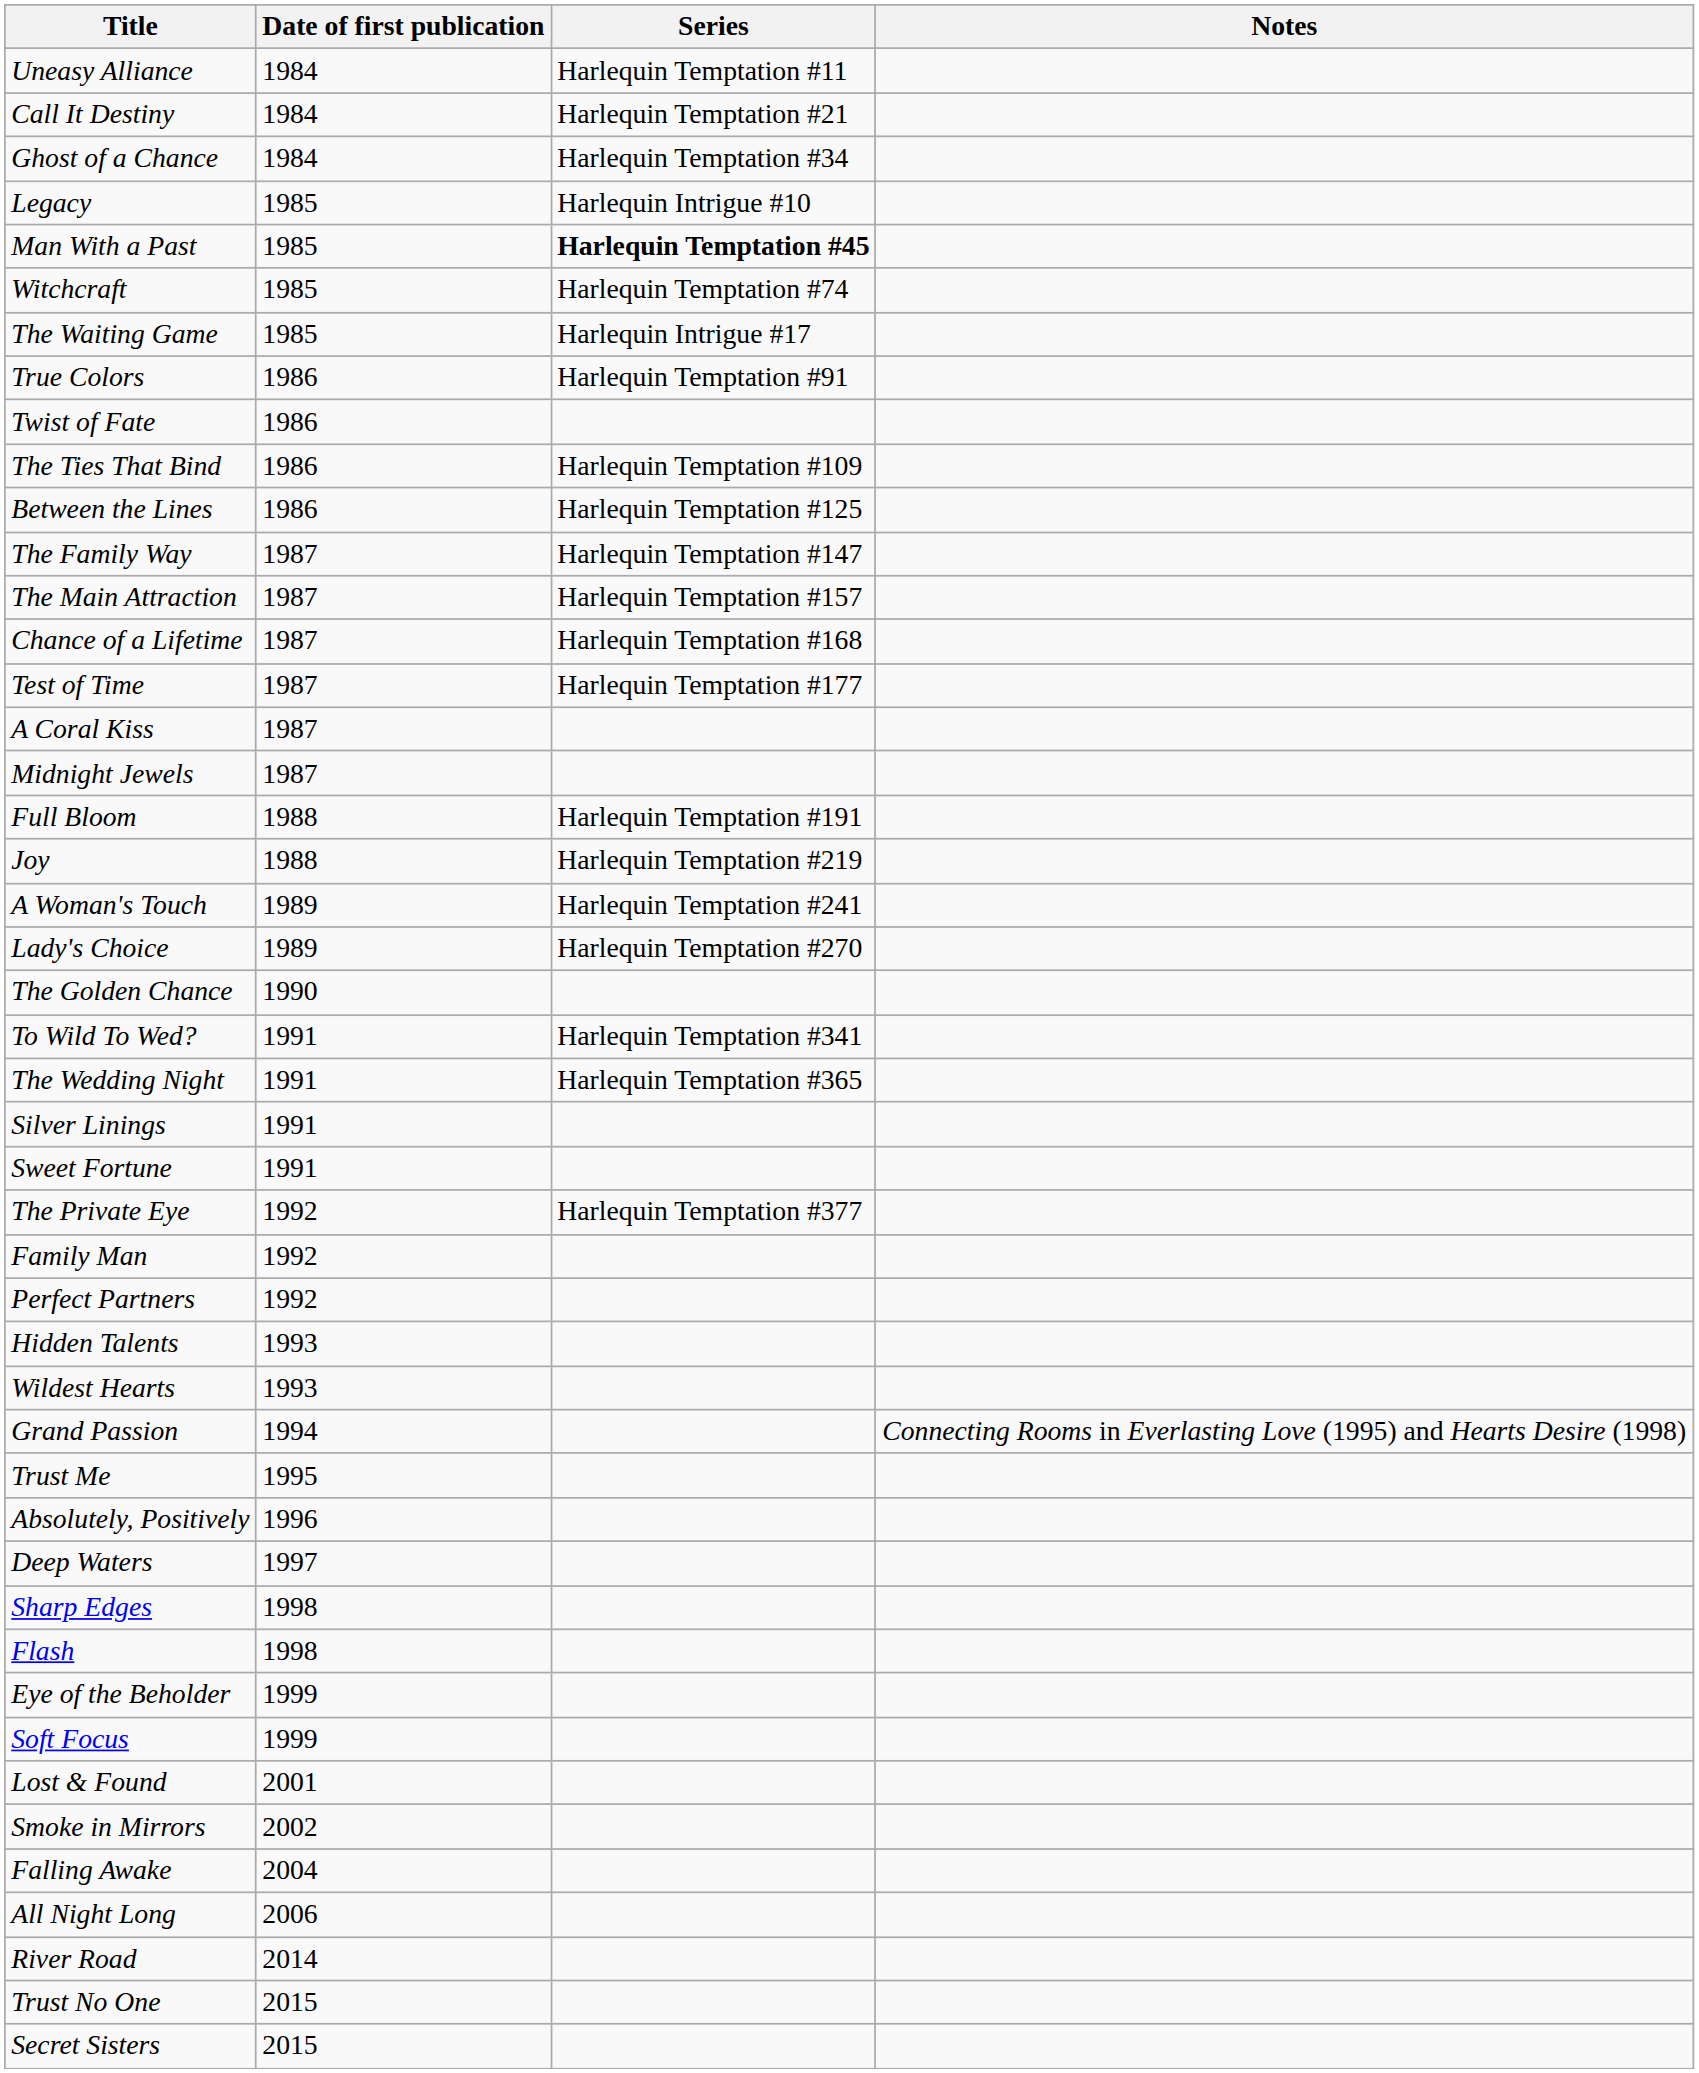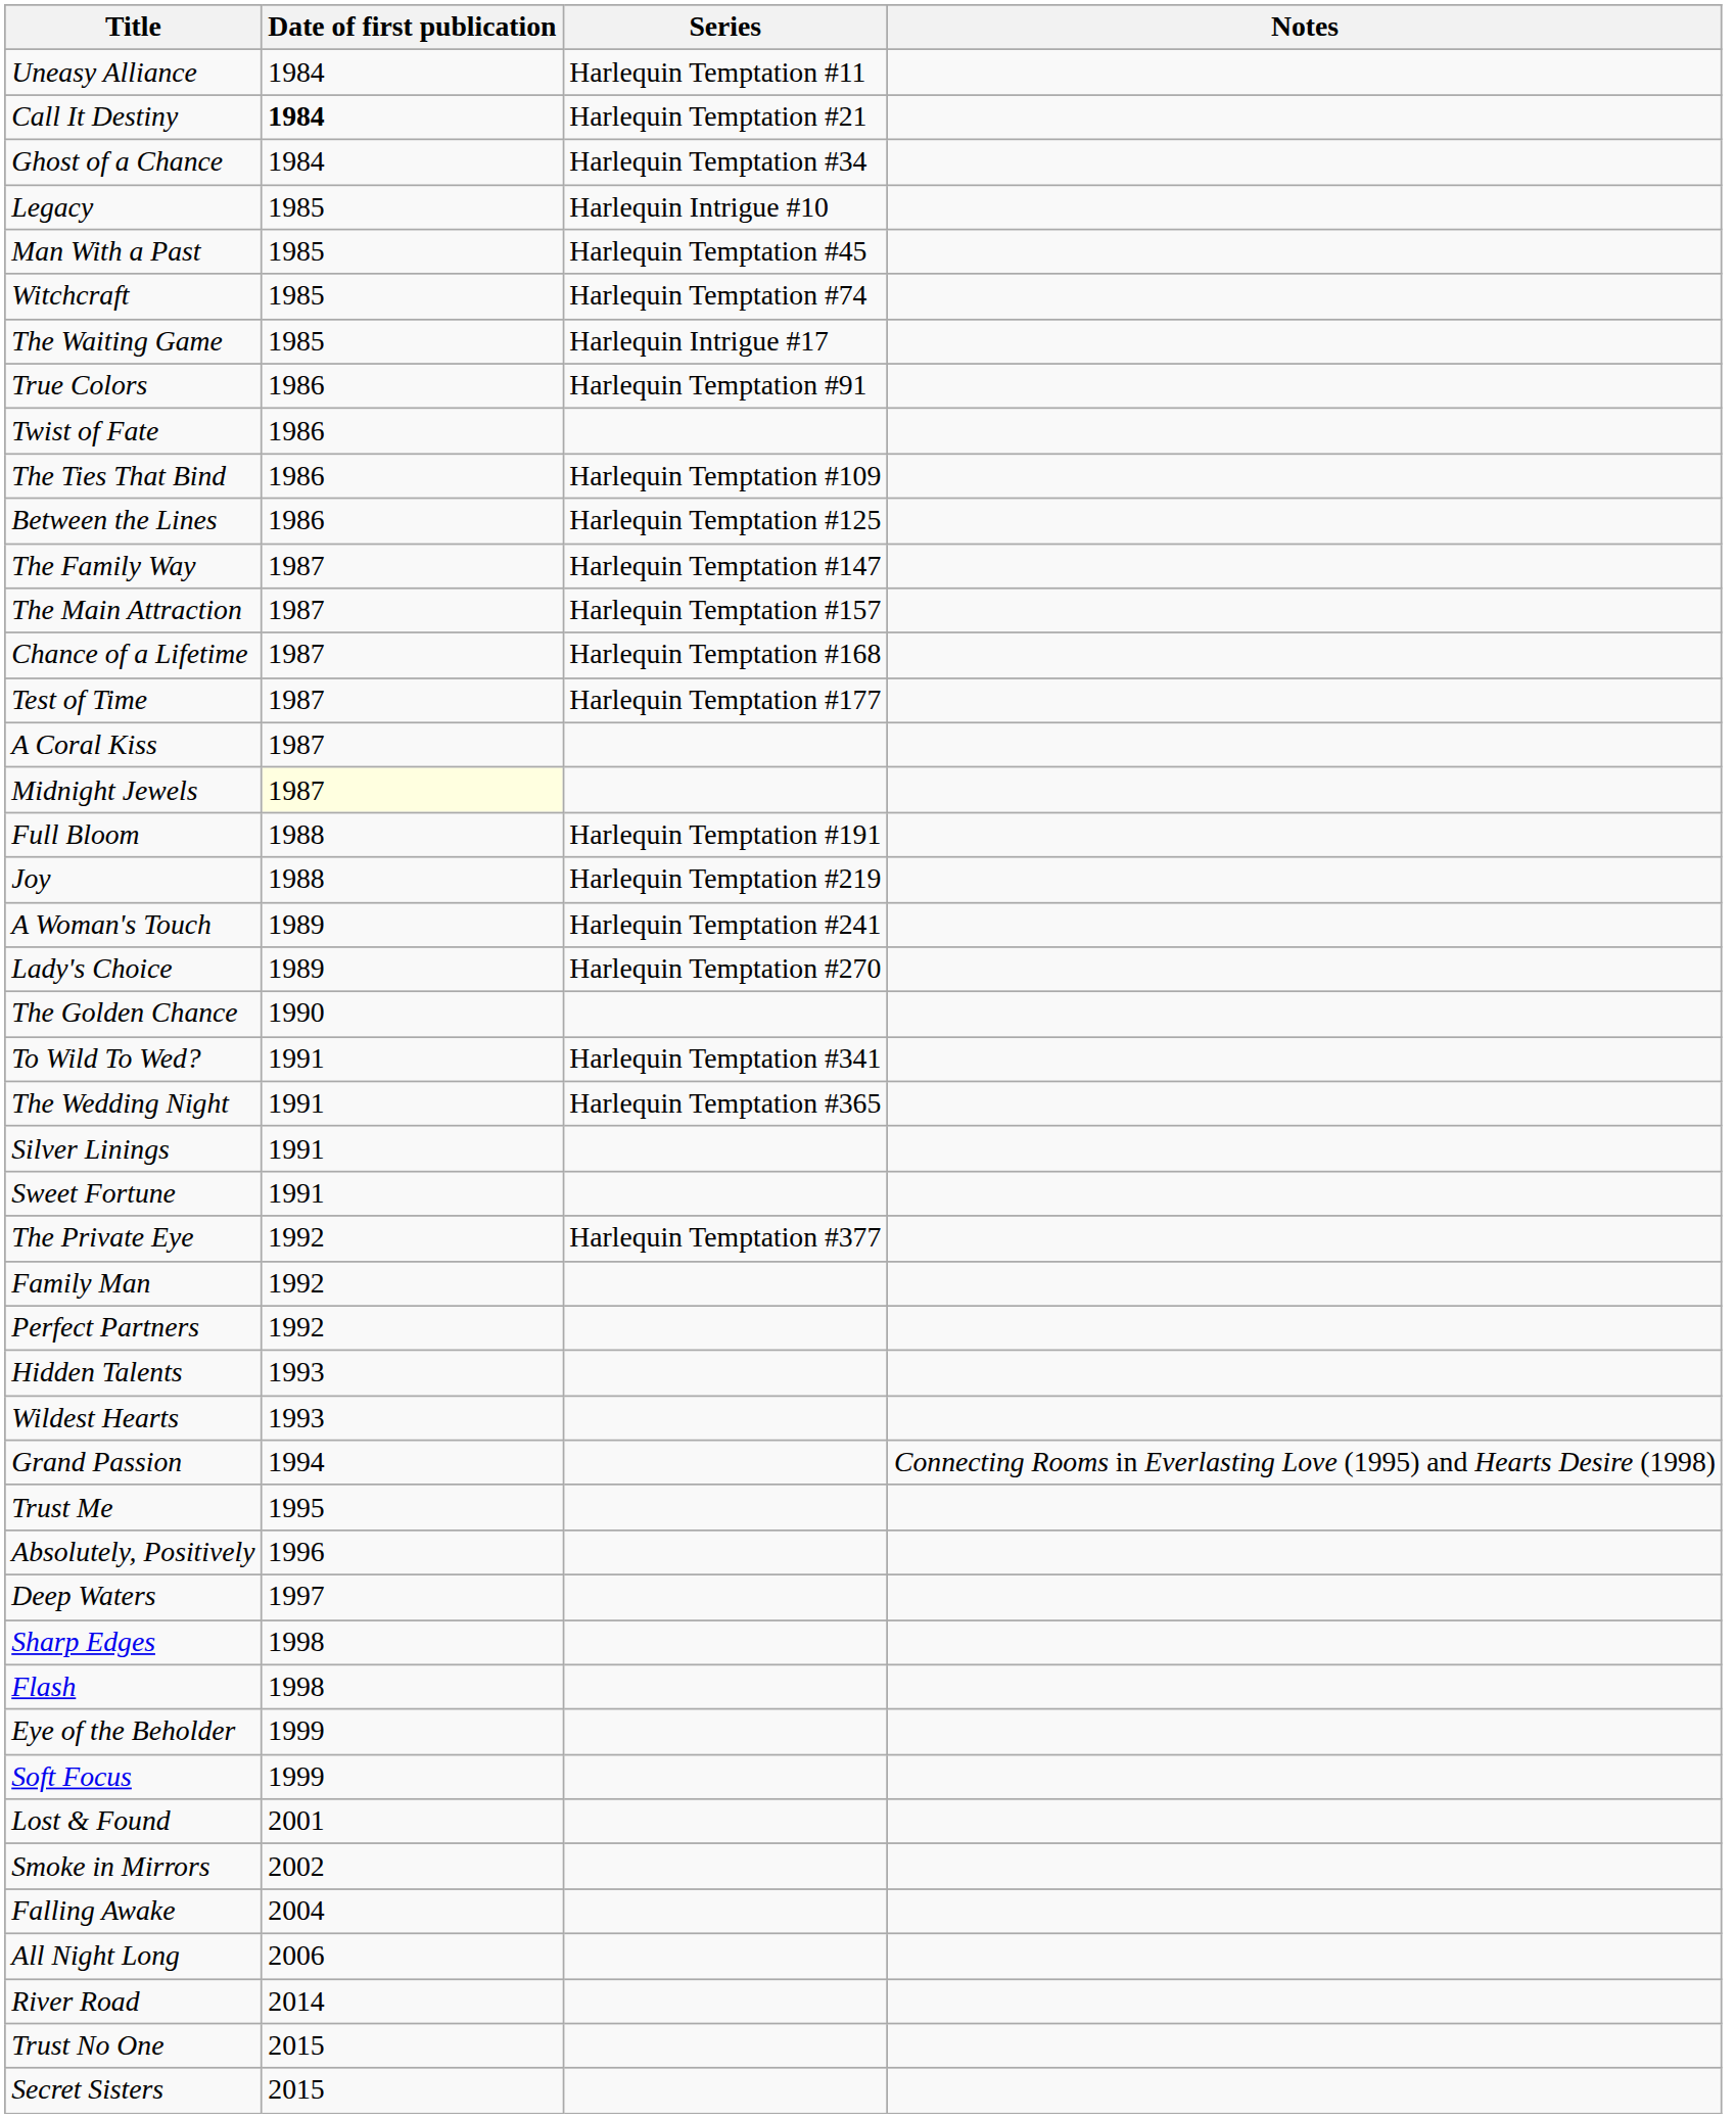 <table class="wikitable sortable mw-collapsible">
 <tr>
 <th>Title</th>
 <th>Date of first publication</th>
 <th>Series</th>
 <th>Notes</th>
 </tr>
 <tr>
 <td><em>Uneasy Alliance</em></td>
 <td>1984</td>
 <td>Harlequin Temptation #11</td>
 <td></td>
 </tr>
 <tr>
 <td><em>Call It Destiny</em></td>
-<td>1984</td>
+<td><strong>1984</strong></td>
 <td>Harlequin Temptation #21</td>
 <td></td>
 </tr>
 <tr>
 <td><em>Ghost of a Chance</em></td>
 <td>1984</td>
 <td>Harlequin Temptation #34</td>
 <td></td>
 </tr>
 <tr>
 <td><em>Legacy</em></td>
 <td>1985</td>
 <td>Harlequin Intrigue #10</td>
 <td></td>
 </tr>
 <tr>
 <td><em>Man With a Past</em></td>
 <td>1985</td>
-<td><strong>Harlequin Temptation #45</strong></td>
+<td>Harlequin Temptation #45</td>
 <td></td>
 </tr>
 <tr>
 <td><em>Witchcraft</em></td>
 <td>1985</td>
 <td>Harlequin Temptation #74</td>
 <td></td>
 </tr>
 <tr>
 <td><em>The Waiting Game</em></td>
 <td>1985</td>
 <td>Harlequin Intrigue #17</td>
 <td></td>
 </tr>
 <tr>
 <td><em>True Colors</em></td>
 <td>1986</td>
 <td>Harlequin Temptation #91</td>
 <td></td>
 </tr>
 <tr>
 <td><em>Twist of Fate</em></td>
 <td>1986</td>
 <td></td>
 <td></td>
 </tr>
 <tr>
 <td><em>The Ties That Bind</em></td>
 <td>1986</td>
 <td>Harlequin Temptation #109</td>
 <td></td>
 </tr>
 <tr>
 <td><em>Between the Lines</em></td>
 <td>1986</td>
 <td>Harlequin Temptation #125</td>
 <td></td>
 </tr>
 <tr>
 <td><em>The Family Way</em></td>
 <td>1987</td>
 <td>Harlequin Temptation #147</td>
 <td></td>
 </tr>
 <tr>
 <td><em>The Main Attraction</em></td>
 <td>1987</td>
 <td>Harlequin Temptation #157</td>
 <td></td>
 </tr>
 <tr>
 <td><em>Chance of a Lifetime</em></td>
 <td>1987</td>
 <td>Harlequin Temptation #168</td>
 <td></td>
 </tr>
 <tr>
 <td><em>Test of Time</em></td>
 <td>1987</td>
 <td>Harlequin Temptation #177</td>
 <td></td>
 </tr>
 <tr>
 <td><em>A Coral Kiss</em></td>
 <td>1987</td>
 <td></td>
 <td></td>
 </tr>
 <tr>
 <td><em>Midnight Jewels</em></td>
-<td>1987</td>
+<td style="background: lightyellow;">1987</td>
 <td></td>
 <td></td>
 </tr>
 <tr>
 <td><em>Full Bloom</em></td>
 <td>1988</td>
 <td>Harlequin Temptation #191</td>
 <td></td>
 </tr>
 <tr>
 <td><em>Joy</em></td>
 <td>1988</td>
 <td>Harlequin Temptation #219</td>
 <td></td>
 </tr>
 <tr>
 <td><em>A Woman's Touch</em></td>
 <td>1989</td>
 <td>Harlequin Temptation #241</td>
 <td></td>
 </tr>
 <tr>
 <td><em>Lady's Choice</em></td>
 <td>1989</td>
 <td>Harlequin Temptation #270</td>
 <td></td>
 </tr>
 <tr>
 <td><em>The Golden Chance</em></td>
 <td>1990</td>
 <td></td>
 <td></td>
 </tr>
 <tr>
 <td><em>To Wild To Wed?</em></td>
 <td>1991</td>
 <td>Harlequin Temptation #341</td>
 <td></td>
 </tr>
 <tr>
 <td><em>The Wedding Night</em></td>
 <td>1991</td>
 <td>Harlequin Temptation #365</td>
 <td></td>
 </tr>
 <tr>
 <td><em>Silver Linings</em></td>
 <td>1991</td>
 <td></td>
 <td></td>
 </tr>
 <tr>
 <td><em>Sweet Fortune</em></td>
 <td>1991</td>
 <td></td>
 <td></td>
 </tr>
 <tr>
 <td><em>The Private Eye</em></td>
 <td>1992</td>
 <td>Harlequin Temptation #377</td>
 <td></td>
 </tr>
 <tr>
 <td><em>Family Man</em></td>
 <td>1992</td>
 <td></td>
 <td></td>
 </tr>
 <tr>
 <td><em>Perfect Partners</em></td>
 <td>1992</td>
 <td></td>
 <td></td>
 </tr>
 <tr>
 <td><em>Hidden Talents</em></td>
 <td>1993</td>
 <td></td>
 <td></td>
 </tr>
 <tr>
 <td><em>Wildest Hearts</em></td>
 <td>1993</td>
 <td></td>
 <td></td>
 </tr>
 <tr>
 <td><em>Grand Passion</em></td>
 <td>1994</td>
 <td></td>
 <td><em>Connecting Rooms</em> in <em>Everlasting Love</em> (1995) and <em>Hearts Desire</em> (1998)</td>
 </tr>
 <tr>
 <td><em>Trust Me</em></td>
 <td>1995</td>
 <td></td>
 <td></td>
 </tr>
 <tr>
 <td><em>Absolutely, Positively</em></td>
 <td>1996</td>
 <td></td>
 <td></td>
 </tr>
 <tr>
 <td><em>Deep Waters</em></td>
 <td>1997</td>
 <td></td>
 <td></td>
 </tr>
 <tr>
 <td><em><a href='#'>Sharp Edges</a></em></td>
 <td>1998</td>
 <td></td>
 <td></td>
 </tr>
 <tr>
 <td><em><a href='#'>Flash</a></em></td>
 <td>1998</td>
 <td></td>
 <td></td>
 </tr>
 <tr>
 <td><em>Eye of the Beholder</em></td>
 <td>1999</td>
 <td></td>
 <td></td>
 </tr>
 <tr>
 <td><em><a href='#'>Soft Focus</a></em></td>
 <td>1999</td>
 <td></td>
 <td></td>
 </tr>
 <tr>
 <td><em>Lost & Found</em></td>
 <td>2001</td>
 <td></td>
 <td></td>
 </tr>
 <tr>
 <td><em>Smoke in Mirrors</em></td>
 <td>2002</td>
 <td></td>
 <td></td>
 </tr>
 <tr>
 <td><em>Falling Awake</em></td>
 <td>2004</td>
 <td></td>
 <td></td>
 </tr>
 <tr>
 <td><em>All Night Long</em></td>
 <td>2006</td>
 <td></td>
 <td></td>
 </tr>
 <tr>
 <td><em>River Road</em></td>
 <td>2014</td>
 <td></td>
 <td></td>
 </tr>
 <tr>
 <td><em>Trust No One</em></td>
 <td>2015</td>
 <td></td>
 <td></td>
 </tr>
 <tr>
 <td><em>Secret Sisters</em></td>
 <td>2015</td>
 <td></td>
 <td></td>
 </tr>
 </table>
